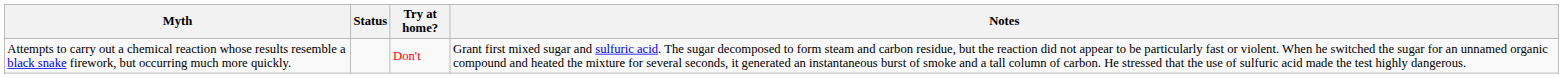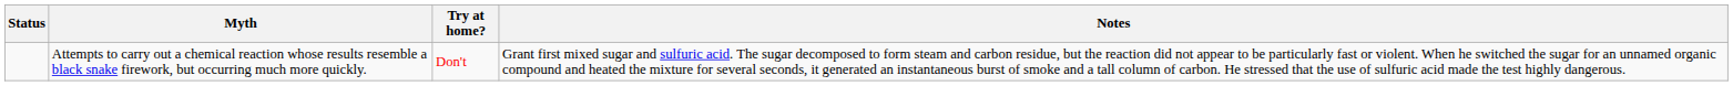 <table class="wikitable plainrowheaders">
 <tr>
+<th scope"col">Status</th>
 <th scope"col">Myth</th>
-<th scope"col">Status</th>
 <th scope"col">Try at home?</th>
 <th scope"col">Notes</th>
 </tr>
 <tr>
+<td></td>
 <td scope"row">Attempts to carry out a chemical reaction whose results resemble a <a href='#'>black snake</a> firework, but occurring much more quickly.</td>
-<td></td>
 <td style="color:red">Don't</td>
 <td>Grant first mixed sugar and <a href='#'>sulfuric acid</a>. The sugar decomposed to form steam and carbon residue, but the reaction did not appear to be particularly fast or violent. When he switched the sugar for an unnamed organic compound and heated the mixture for several seconds, it generated an instantaneous burst of smoke and a tall column of carbon. He stressed that the use of sulfuric acid made the test highly dangerous.</td>
 </tr>
 </table>
